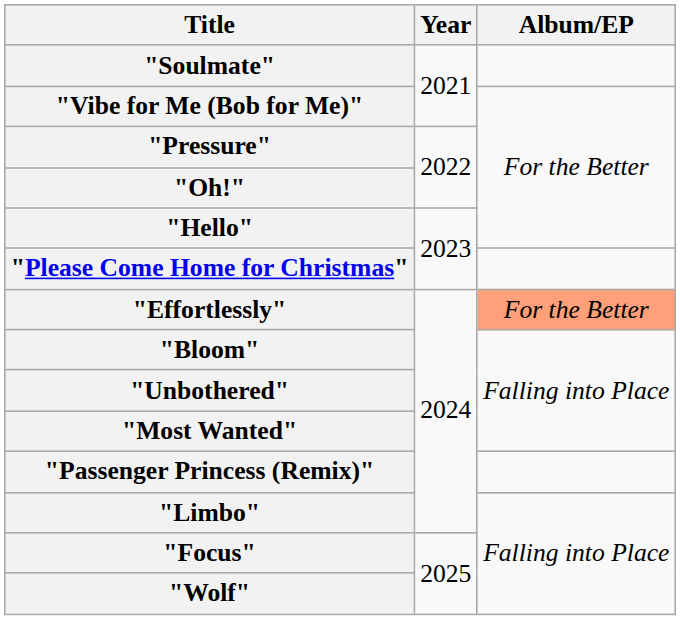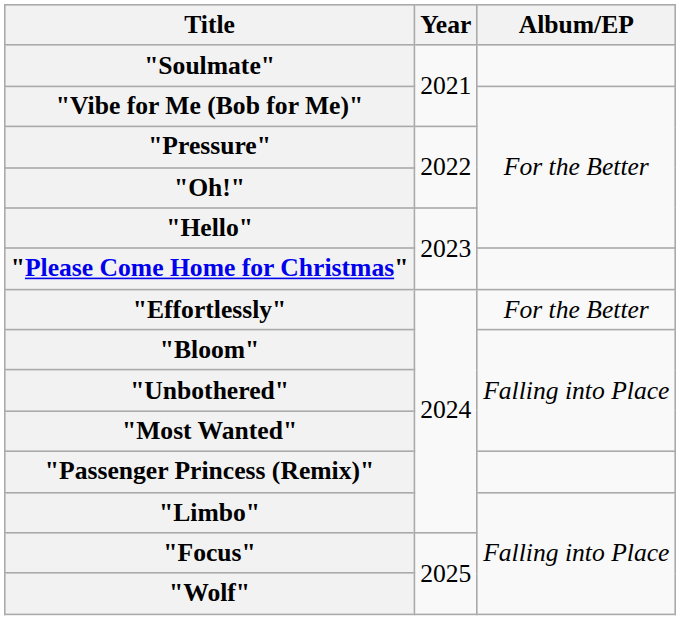 <table class="wikitable plainrowheaders" style="text-align:center;">
 <tr>
 <th scope="col">Title</th>
 <th scope="col">Year</th>
 <th scope="col">Album/EP</th>
 </tr>
 <tr>
 <th scope="row">"Soulmate"</th>
 <td rowspan=2>2021</td>
 <td></td>
 </tr>
 <tr>
 <th scope="row">"Vibe for Me (Bob for Me)"</th>
 <td rowspan=4><em>For the Better</em></td>
 </tr>
 <tr>
 <th scope="row">"Pressure"</th>
 <td rowspan=2>2022</td>
 </tr>
 <tr>
 <th scope="row">"Oh!"</th>
 </tr>
 <tr>
 <th scope="row">"Hello"</th>
 <td rowspan=2>2023</td>
 </tr>
 <tr>
 <th scope="row">"<a href='#'>Please Come Home for Christmas</a>"</th>
 <td></td>
 </tr>
 <tr>
 <th scope="row">"Effortlessly"</th>
 <td rowspan=6>2024</td>
-<td style="background: lightsalmon;"><em>For the Better</em></td>
+<td><em>For the Better</em></td>
 </tr>
 <tr>
 <th scope="row">"Bloom"<br></th>
 <td rowspan=3><em>Falling into Place</em></td>
 </tr>
 <tr>
 <th scope="row">"Unbothered"</th>
 </tr>
 <tr>
 <th scope="row">"Most Wanted"</th>
 </tr>
 <tr>
 <th scope="row">"Passenger Princess (Remix)"<br></th>
 <td></td>
 </tr>
 <tr>
 <th scope="row">"Limbo"</th>
 <td rowspan=3><em>Falling into Place</em></td>
 </tr>
 <tr>
 <th scope="row">"Focus"</th>
 <td rowspan=2>2025</td>
 </tr>
 <tr>
 <th scope="row">"Wolf"</th>
 </tr>
 </table>
